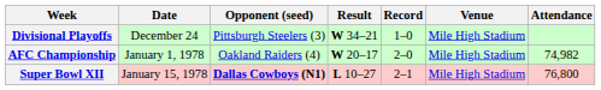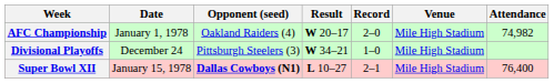 <table class="wikitable" style="text-align:center">
 <tr>
 <th>Week</th>
 <th>Date</th>
 <th>Opponent (seed)</th>
 <th>Result</th>
 <th>Record</th>
 <th>Venue</th>
 <th>Attendance</th>
 </tr>
 <tr style="background:#cfc">
+<th><a href='#'>AFC Championship</a></th>
+<td>January 1, 1978</td>
+<td><a href='#'>Oakland Raiders</a> (4)</td>
+<td><strong>W</strong> 20–17</td>
+<td>2–0</td>
+<td><a href='#'>Mile High Stadium</a></td>
+<td>74,982</td>
+</tr>
+<tr style="background:#cfc">
 <th><a href='#'>Divisional Playoffs</a></th>
 <td>December 24</td>
 <td><a href='#'>Pittsburgh Steelers</a> (3)</td>
 <td><strong>W</strong> 34–21</td>
 <td>1–0</td>
 <td><a href='#'>Mile High Stadium</a></td>
 <td></td>
 </tr>
-<tr style="background:#cfc">
-<th><a href='#'>AFC Championship</a></th>
-<td>January 1, 1978</td>
-<td><a href='#'>Oakland Raiders</a> (4)</td>
-<td><strong>W</strong> 20–17</td>
-<td>2–0</td>
-<td><a href='#'>Mile High Stadium</a></td>
-<td>74,982</td>
-</tr>
 <tr style="background:#fcc">
 <th><a href='#'>Super Bowl XII</a></th>
 <td>January 15, 1978</td>
 <td><strong><a href='#'>Dallas Cowboys</a> (N1)</strong></td>
 <td><strong>L</strong> 10–27</td>
 <td>2–1</td>
 <td><a href='#'>Mile High Stadium</a></td>
-<td>76,800</td>
+<td>76,400</td>
 </tr>
 </table>
